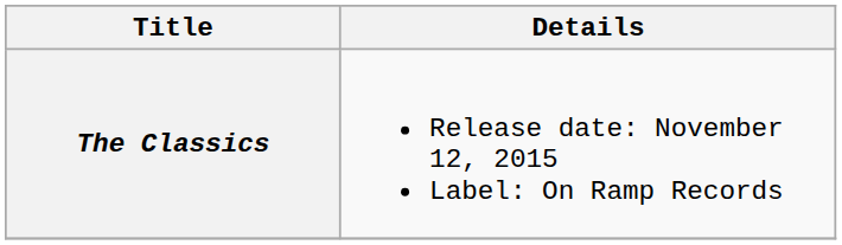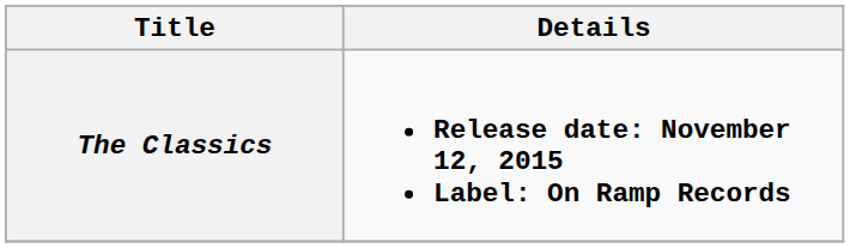 <table class="wikitable plainrowheaders">
 <tr>
 <th style="width:12em;">Title</th>
 <th style="width:18em;">Details</th>
 </tr>
 <tr>
 <th scope="row"><em>The Classics</em></th>
-<td><br><ul><li>Release date: November 12, 2015</li><li>Label: On Ramp Records</li></ul></td>
+<td><strong><br><ul><li>Release date: November 12, 2015</li><li>Label: On Ramp Records</li></ul></strong></td>
 </tr>
 <tr>
 </tr>
 </table>
